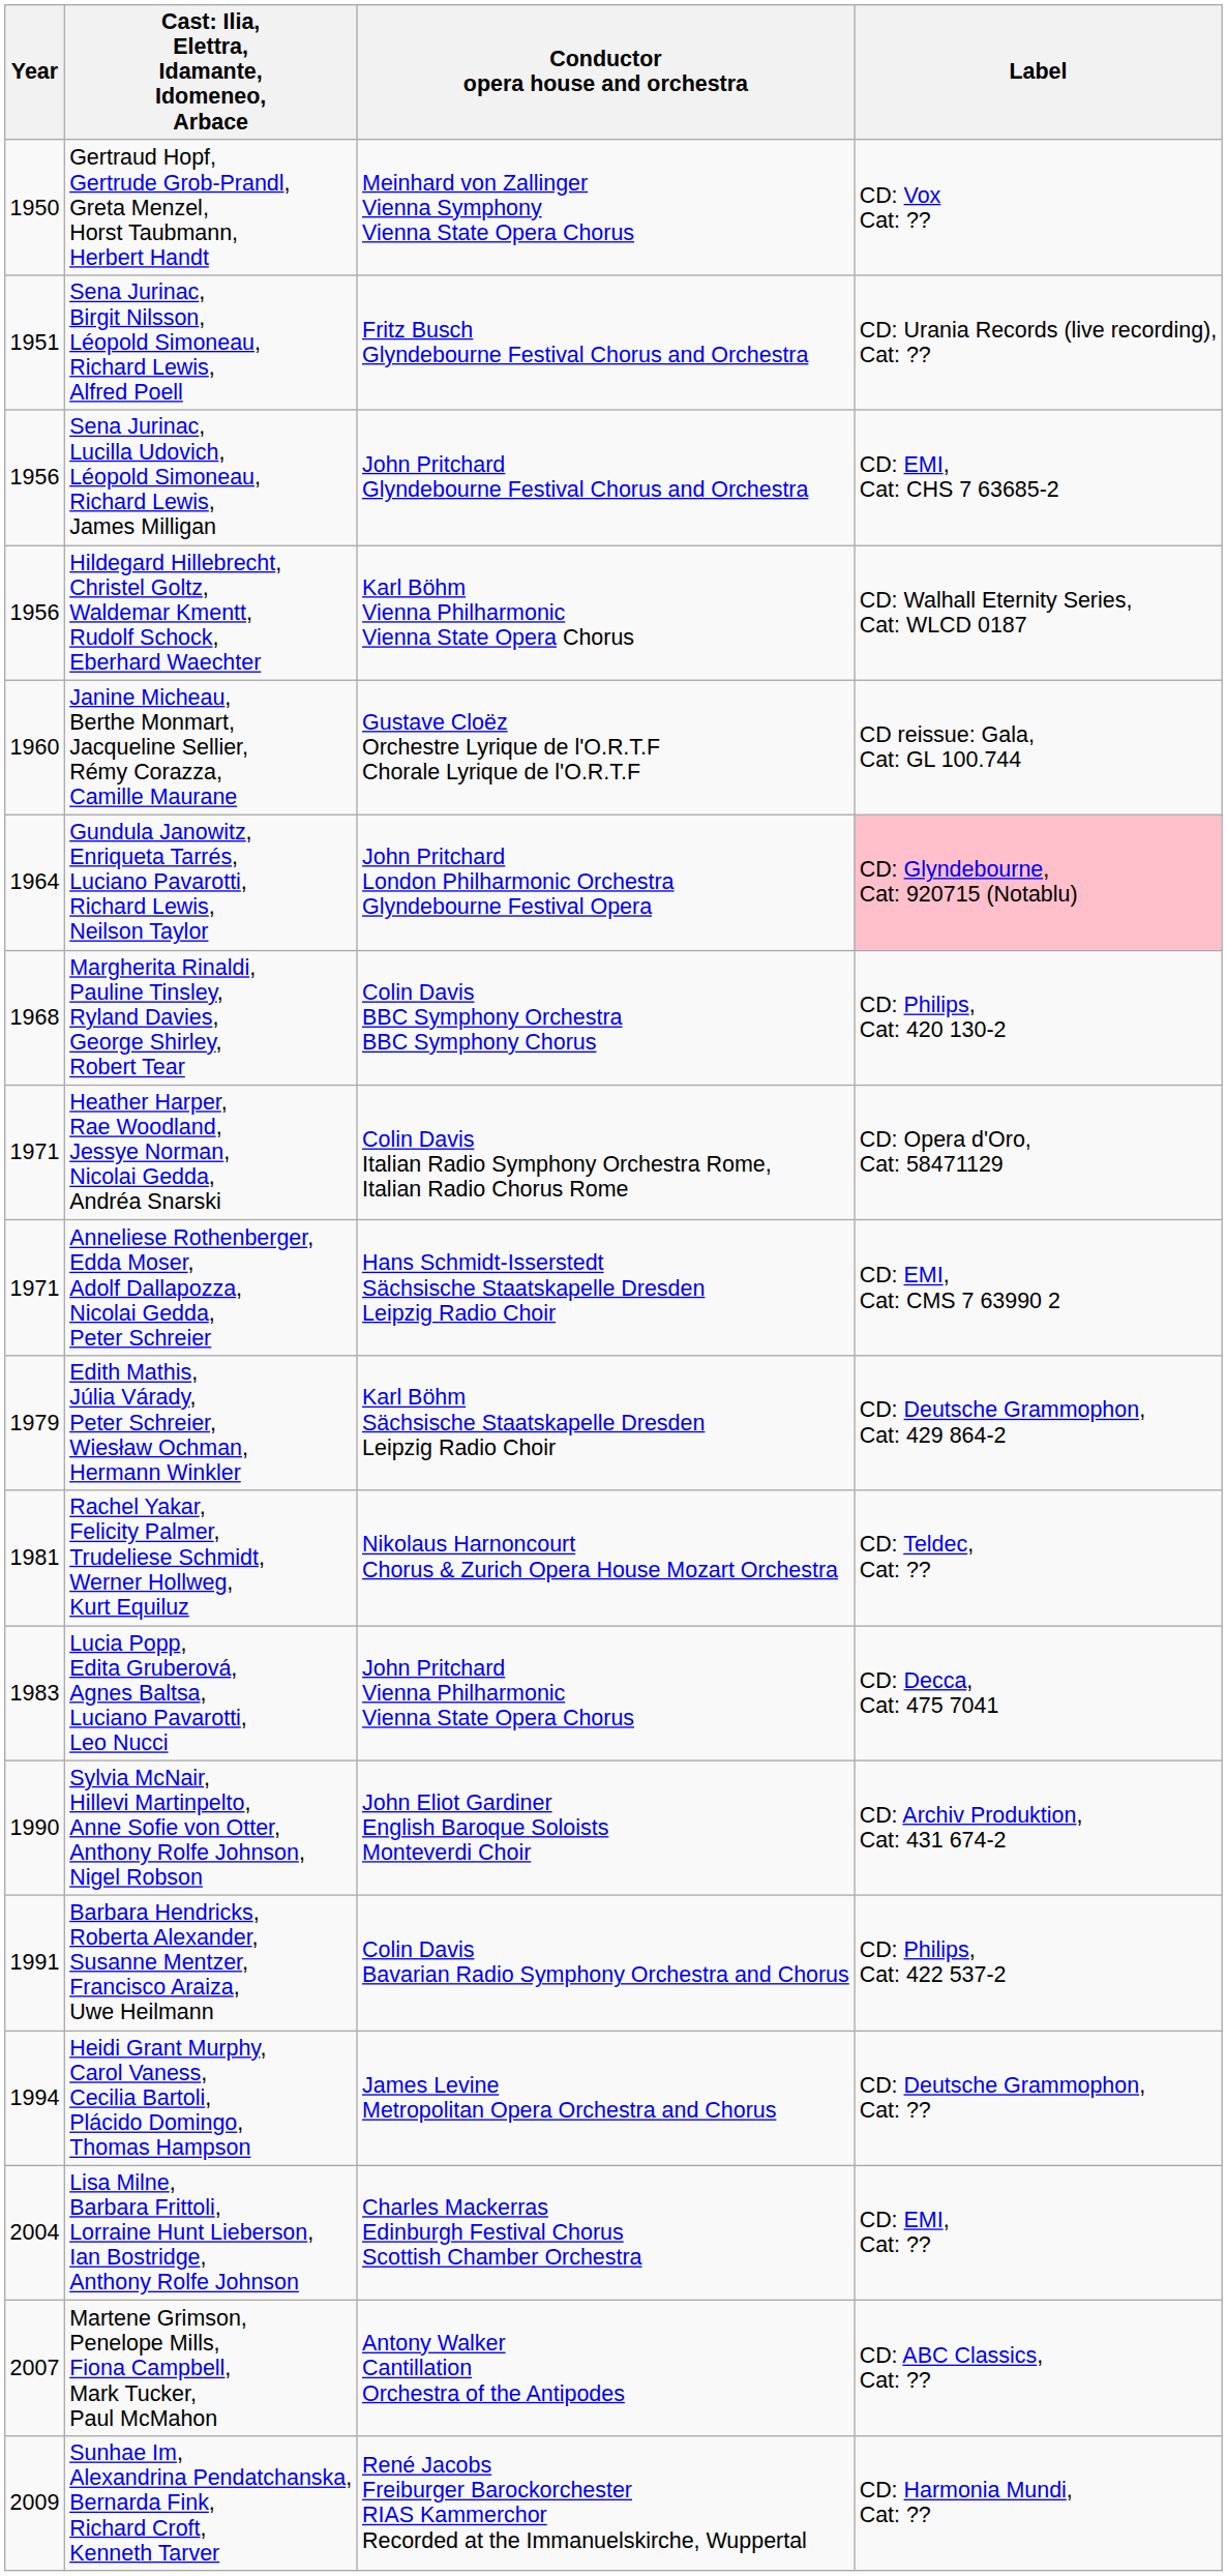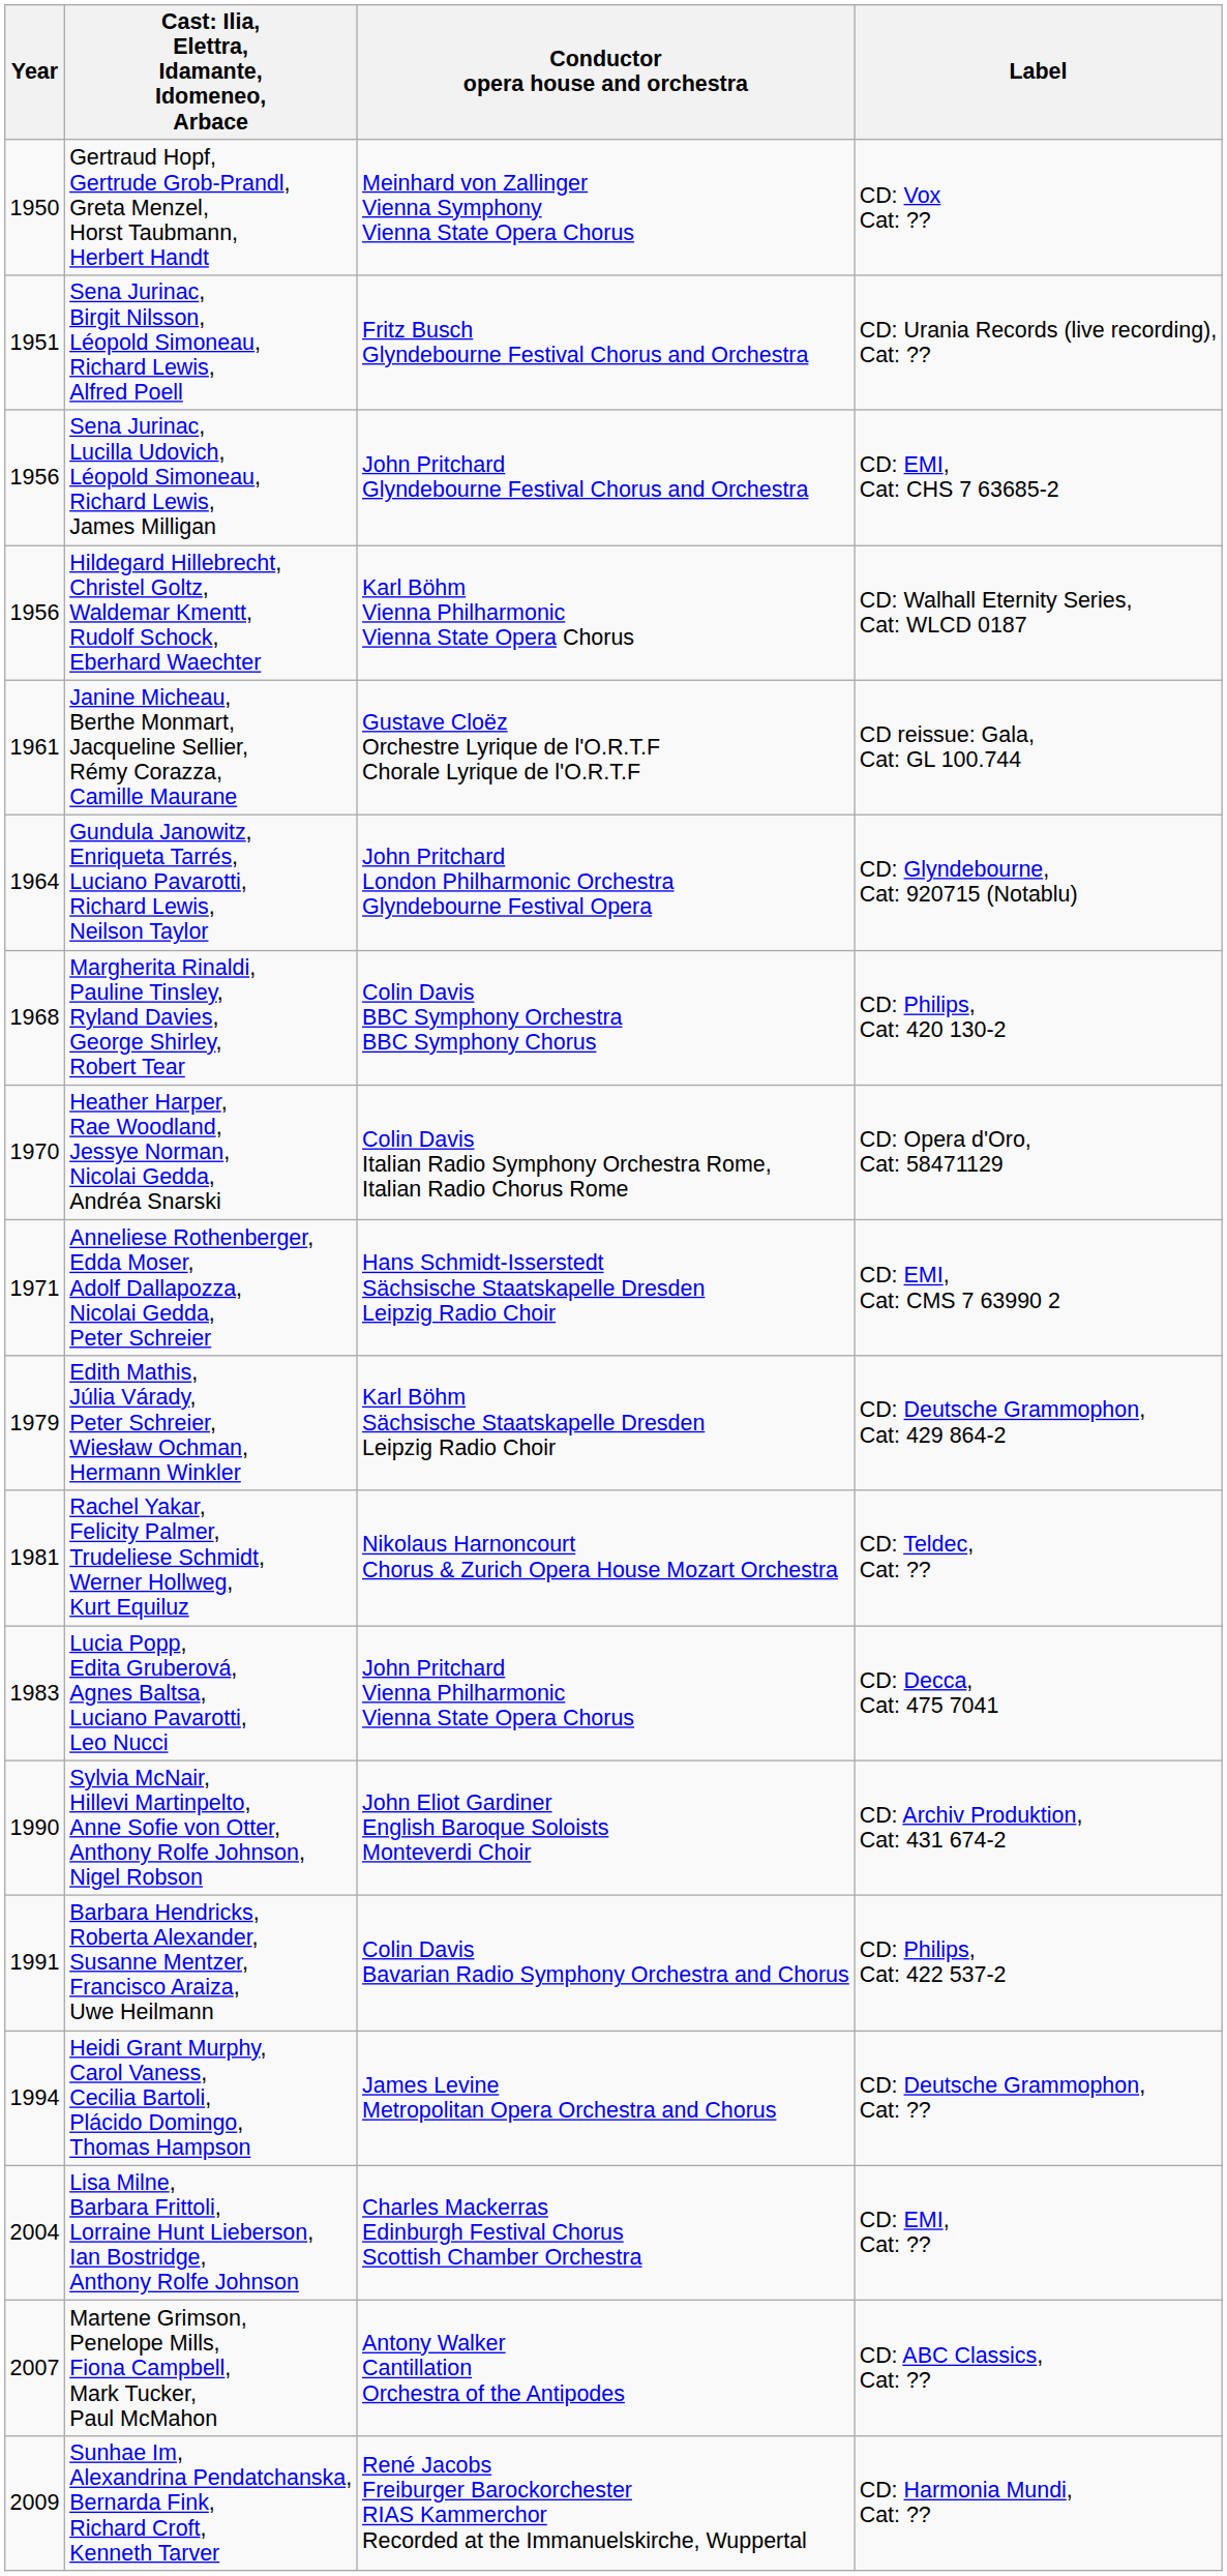 <table class="wikitable">
 <tr>
 <th>Year</th>
 <th>Cast: Ilia,<br>Elettra,<br>Idamante,<br>Idomeneo,<br>Arbace</th>
 <th>Conductor<br>opera house and orchestra</th>
 <th>Label</th>
 </tr>
 <tr>
 <td>1950</td>
 <td>Gertraud Hopf,<br><a href='#'>Gertrude Grob-Prandl</a>,<br>Greta Menzel,<br>Horst Taubmann,<br><a href='#'>Herbert Handt</a></td>
 <td><a href='#'>Meinhard von Zallinger</a><br><a href='#'>Vienna Symphony</a><br><a href='#'>Vienna State Opera Chorus</a></td>
 <td>CD: <a href='#'>Vox</a><br>Cat: ??</td>
 </tr>
 <tr>
 <td>1951</td>
 <td><a href='#'>Sena Jurinac</a>,<br><a href='#'>Birgit Nilsson</a>,<br><a href='#'>Léopold Simoneau</a>,<br><a href='#'>Richard Lewis</a>,<br><a href='#'>Alfred Poell</a></td>
 <td><a href='#'>Fritz Busch</a><br><a href='#'>Glyndebourne Festival Chorus and Orchestra</a></td>
 <td>CD: Urania Records (live recording),<br>Cat: ??</td>
 </tr>
 <tr>
 <td>1956</td>
 <td><a href='#'>Sena Jurinac</a>,<br><a href='#'>Lucilla Udovich</a>,<br><a href='#'>Léopold Simoneau</a>,<br><a href='#'>Richard Lewis</a>,<br>James Milligan</td>
 <td><a href='#'>John Pritchard</a><br><a href='#'>Glyndebourne Festival Chorus and Orchestra</a></td>
 <td>CD: <a href='#'>EMI</a>,<br>Cat: CHS 7 63685-2</td>
 </tr>
 <tr>
 <td>1956</td>
 <td><a href='#'>Hildegard Hillebrecht</a>,<br><a href='#'>Christel  Goltz</a>,<br><a href='#'>Waldemar Kmentt</a>,<br><a href='#'>Rudolf Schock</a>,<br><a href='#'>Eberhard Waechter</a></td>
 <td><a href='#'>Karl Böhm</a><br><a href='#'>Vienna Philharmonic</a><br><a href='#'>Vienna State Opera</a> Chorus</td>
 <td>CD: Walhall Eternity Series,<br>Cat: WLCD 0187</td>
 </tr>
 <tr>
-<td>1960</td>
+<td>1961</td>
 <td><a href='#'>Janine Micheau</a>,<br>Berthe Monmart,<br>Jacqueline Sellier,<br>Rémy Corazza,<br><a href='#'>Camille Maurane</a></td>
 <td><a href='#'>Gustave Cloëz</a><br>Orchestre Lyrique de l'O.R.T.F<br>Chorale Lyrique de l'O.R.T.F</td>
 <td>CD reissue: Gala,<br>Cat: GL 100.744</td>
 </tr>
 <tr>
 <td>1964</td>
 <td><a href='#'>Gundula Janowitz</a>,<br><a href='#'>Enriqueta Tarrés</a>,<br><a href='#'>Luciano Pavarotti</a>,<br><a href='#'>Richard Lewis</a>,<br><a href='#'>Neilson Taylor</a></td>
 <td><a href='#'>John Pritchard</a><br><a href='#'>London Philharmonic Orchestra</a><br><a href='#'>Glyndebourne Festival Opera</a></td>
-<td style="background: pink;">CD: <a href='#'>Glyndebourne</a>,<br>Cat: 920715 (Notablu)</td>
+<td>CD: <a href='#'>Glyndebourne</a>,<br>Cat: 920715 (Notablu)</td>
 </tr>
 <tr>
 <td>1968</td>
 <td><a href='#'>Margherita Rinaldi</a>,<br><a href='#'>Pauline Tinsley</a>,<br><a href='#'>Ryland Davies</a>,<br><a href='#'>George Shirley</a>,<br><a href='#'>Robert Tear</a></td>
 <td><a href='#'>Colin Davis</a><br><a href='#'>BBC Symphony Orchestra</a><br><a href='#'>BBC Symphony Chorus</a></td>
 <td>CD: <a href='#'>Philips</a>,<br>Cat: 420 130-2</td>
 </tr>
 <tr>
-<td>1971</td>
+<td>1970</td>
 <td><a href='#'>Heather Harper</a>,<br><a href='#'>Rae Woodland</a>,<br><a href='#'>Jessye Norman</a>,<br><a href='#'>Nicolai Gedda</a>,<br>Andréa Snarski</td>
 <td><br><a href='#'>Colin Davis</a><br>Italian Radio Symphony Orchestra Rome,<br>Italian Radio Chorus Rome</td>
 <td>CD: Opera d'Oro,<br>Cat: 58471129</td>
 </tr>
 <tr ->
 <td>1971</td>
 <td><a href='#'>Anneliese Rothenberger</a>,<br><a href='#'>Edda Moser</a>,<br><a href='#'>Adolf Dallapozza</a>,<br><a href='#'>Nicolai Gedda</a>,<br><a href='#'>Peter Schreier</a></td>
 <td><a href='#'>Hans Schmidt-Isserstedt</a><br><a href='#'>Sächsische Staatskapelle Dresden</a><br><a href='#'>Leipzig Radio Choir</a></td>
 <td>CD: <a href='#'>EMI</a>,<br>Cat: CMS 7 63990 2</td>
 </tr>
 <tr>
 <td>1979</td>
 <td><a href='#'>Edith Mathis</a>,<br><a href='#'>Júlia Várady</a>,<br><a href='#'>Peter Schreier</a>,<br><a href='#'>Wiesław Ochman</a>,<br><a href='#'>Hermann Winkler</a></td>
 <td><a href='#'>Karl Böhm</a><br><a href='#'>Sächsische Staatskapelle Dresden</a><br>Leipzig Radio Choir</td>
 <td>CD: <a href='#'>Deutsche Grammophon</a>,<br>Cat: 429 864-2</td>
 </tr>
 <tr>
 <td>1981</td>
 <td><a href='#'>Rachel Yakar</a>,<br><a href='#'>Felicity Palmer</a>,<br><a href='#'>Trudeliese Schmidt</a>,<br><a href='#'>Werner Hollweg</a>,<br><a href='#'>Kurt Equiluz</a></td>
 <td><a href='#'>Nikolaus Harnoncourt</a><br><a href='#'>Chorus & Zurich Opera House Mozart Orchestra</a></td>
 <td>CD: <a href='#'>Teldec</a>,<br>Cat: ??</td>
 </tr>
 <tr>
 <td>1983</td>
 <td><a href='#'>Lucia Popp</a>,<br><a href='#'>Edita Gruberová</a>,<br><a href='#'>Agnes Baltsa</a>,<br><a href='#'>Luciano Pavarotti</a>,<br><a href='#'>Leo Nucci</a></td>
 <td><a href='#'>John Pritchard</a><br><a href='#'>Vienna Philharmonic</a><br><a href='#'>Vienna State Opera Chorus</a></td>
 <td>CD: <a href='#'>Decca</a>,<br>Cat: 475 7041</td>
 </tr>
 <tr>
 <td>1990</td>
 <td><a href='#'>Sylvia McNair</a>,<br><a href='#'>Hillevi Martinpelto</a>,<br><a href='#'>Anne Sofie von Otter</a>,<br><a href='#'>Anthony Rolfe Johnson</a>,<br><a href='#'>Nigel Robson</a></td>
 <td><a href='#'>John Eliot Gardiner</a><br><a href='#'>English Baroque Soloists</a><br><a href='#'>Monteverdi Choir</a></td>
 <td>CD: <a href='#'>Archiv Produktion</a>,<br>Cat: 431 674-2</td>
 </tr>
 <tr>
 <td>1991</td>
 <td><a href='#'>Barbara Hendricks</a>,<br><a href='#'>Roberta Alexander</a>,<br><a href='#'>Susanne Mentzer</a>,<br><a href='#'>Francisco Araiza</a>,<br>Uwe Heilmann</td>
 <td><a href='#'>Colin Davis</a><br><a href='#'>Bavarian Radio Symphony Orchestra and Chorus</a></td>
 <td>CD: <a href='#'>Philips</a>,<br>Cat: 422 537-2</td>
 </tr>
 <tr>
 <td>1994</td>
 <td><a href='#'>Heidi Grant Murphy</a>,<br><a href='#'>Carol Vaness</a>,<br><a href='#'>Cecilia Bartoli</a>,<br><a href='#'>Plácido Domingo</a>,<br><a href='#'>Thomas Hampson</a></td>
 <td><a href='#'>James Levine</a><br><a href='#'>Metropolitan Opera Orchestra and Chorus</a></td>
 <td>CD: <a href='#'>Deutsche Grammophon</a>,<br>Cat: ??</td>
 </tr>
 <tr>
 <td>2004</td>
 <td><a href='#'>Lisa Milne</a>,<br><a href='#'>Barbara Frittoli</a>,<br><a href='#'>Lorraine Hunt Lieberson</a>,<br><a href='#'>Ian Bostridge</a>,<br><a href='#'>Anthony Rolfe Johnson</a></td>
 <td><a href='#'>Charles Mackerras</a><br><a href='#'>Edinburgh Festival Chorus</a><br><a href='#'>Scottish Chamber Orchestra</a></td>
 <td>CD: <a href='#'>EMI</a>,<br>Cat: ??</td>
 </tr>
 <tr>
 <td>2007</td>
 <td>Martene Grimson,<br>Penelope Mills,<br><a href='#'>Fiona Campbell</a>,<br>Mark Tucker,<br>Paul McMahon</td>
 <td><a href='#'>Antony Walker</a><br><a href='#'>Cantillation</a><br><a href='#'>Orchestra of the Antipodes</a></td>
 <td>CD: <a href='#'>ABC Classics</a>,<br>Cat: ??</td>
 </tr>
 <tr>
 <td>2009</td>
 <td><a href='#'>Sunhae Im</a>,<br><a href='#'>Alexandrina Pendatchanska</a>,<br><a href='#'>Bernarda Fink</a>,<br><a href='#'>Richard Croft</a>,<br><a href='#'>Kenneth Tarver</a></td>
 <td><a href='#'>René Jacobs</a><br><a href='#'>Freiburger Barockorchester</a><br><a href='#'>RIAS Kammerchor</a><br>Recorded at the Immanuelskirche, Wuppertal</td>
 <td>CD: <a href='#'>Harmonia Mundi</a>,<br>Cat: ??</td>
 </tr>
 </table>
